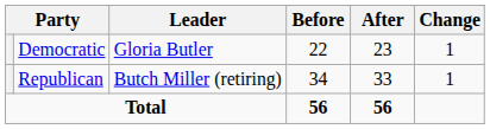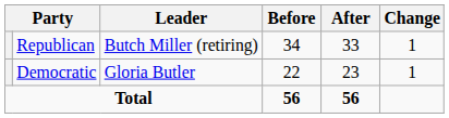 <table class="wikitable" style="text-align:center;">
 <tr>
 </tr>
 <tr>
 <th colspan=2>Party</th>
 <th>Leader</th>
 <th style="width:3em">Before</th>
 <th style="width:3em">After</th>
 <th style="width:3em">Change</th>
 </tr>
 <tr>
 <th style="background-color:"></th>
+<td style="text-align:left;"><a href='#'>Republican</a></td>
+<td style="text-align:left;"><a href='#'>Butch Miller</a> (retiring)</td>
+<td>34</td>
+<td>33</td>
+<td> 1</td>
+</tr>
+<tr>
+<th style="background-color:"></th>
 <td style="text-align:left;"><a href='#'>Democratic</a></td>
 <td style="text-align:left;"><a href='#'>Gloria Butler</a></td>
 <td>22</td>
 <td>23</td>
-<td> 1</td>
-</tr>
-<tr>
-<th style="background-color:"></th>
-<td style="text-align:left;"><a href='#'>Republican</a></td>
-<td style="text-align:left;"><a href='#'>Butch Miller</a> (retiring)</td>
-<td>34</td>
-<td>33</td>
 <td> 1</td>
 </tr>
 <tr>
 <td colspan=3><strong>Total</strong></td>
 <td><strong>56</strong></td>
 <td><strong>56</strong></td>
 <td></td>
 </tr>
 </table>
